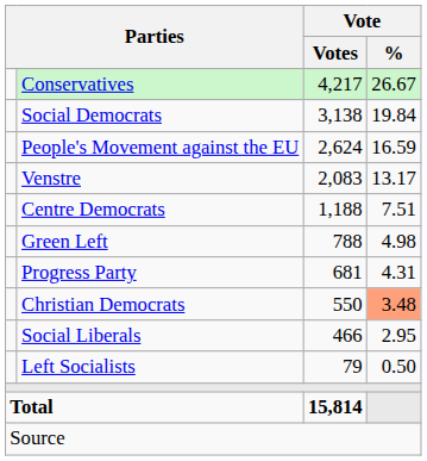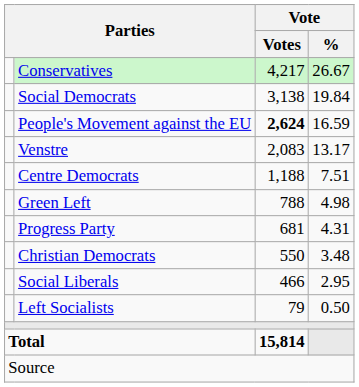 <table class="wikitable" style="text-align:right;">
 <tr>
 <th style="text-align:centre;" rowspan="2" colspan="2" width="225">Parties</th>
 <th colspan="3">Vote</th>
 </tr>
 <tr>
 <th width="15">Votes</th>
 <th width="15">%</th>
 </tr>
 <tr>
 <td width="2" style="color:inherit;background:"></td>
 <td bgcolor=#ccf7cc   align="left"><a href='#'>Conservatives</a></td>
 <td bgcolor=#ccf7cc>4,217</td>
 <td bgcolor=#ccf7cc>26.67</td>
 </tr>
 <tr>
 <td width="2" style="color:inherit;background:"></td>
 <td align="left"><a href='#'>Social Democrats</a></td>
 <td>3,138</td>
 <td>19.84</td>
 </tr>
 <tr>
 <td width="2" style="color:inherit;background:"></td>
 <td align="left"><a href='#'>People's Movement against the EU</a></td>
-<td>2,624</td>
+<td><strong>2,624</strong></td>
 <td>16.59</td>
 </tr>
 <tr>
 <td width="2" style="color:inherit;background:"></td>
 <td align="left"><a href='#'>Venstre</a></td>
 <td>2,083</td>
 <td>13.17</td>
 </tr>
 <tr>
 <td width="2" style="color:inherit;background:"></td>
 <td align="left"><a href='#'>Centre Democrats</a></td>
 <td>1,188</td>
 <td>7.51</td>
 </tr>
 <tr>
 <td width="2" style="color:inherit;background:"></td>
 <td align="left"><a href='#'>Green Left</a></td>
 <td>788</td>
 <td>4.98</td>
 </tr>
 <tr>
 <td width="2" style="color:inherit;background:"></td>
 <td align="left"><a href='#'>Progress Party</a></td>
 <td>681</td>
 <td>4.31</td>
 </tr>
 <tr>
 <td width="2" style="color:inherit;background:"></td>
 <td align="left"><a href='#'>Christian Democrats</a></td>
 <td>550</td>
-<td style="background: lightsalmon;">3.48</td>
+<td>3.48</td>
 </tr>
 <tr>
 <td width="2" style="color:inherit;background:"></td>
 <td align="left"><a href='#'>Social Liberals</a></td>
 <td>466</td>
 <td>2.95</td>
 </tr>
 <tr>
 <td width="2" style="color:inherit;background:"></td>
 <td align="left"><a href='#'>Left Socialists</a></td>
 <td>79</td>
 <td>0.50</td>
 </tr>
 <tr>
 <td colspan="7" bgcolor="#E9E9E9"></td>
 </tr>
 <tr>
 <td align="left" colspan="2"><strong>Total</strong></td>
 <td><strong>15,814</strong></td>
 <td bgcolor="#E9E9E9" colspan="2"></td>
 </tr>
 <tr>
 <td align="left" colspan="6">Source</td>
 </tr>
 </table>
